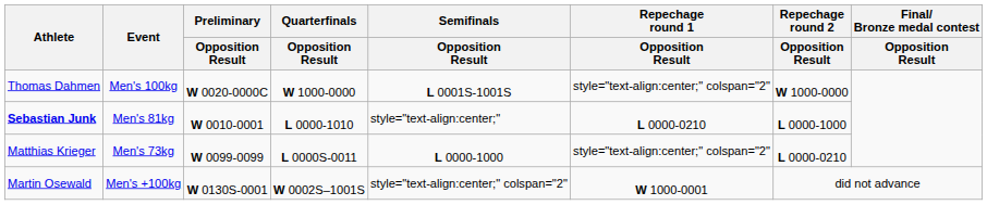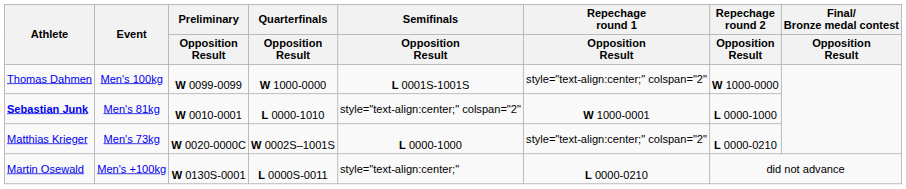 <table class=wikitable style="font-size:90%">
 <tr>
 <th rowspan="2">Athlete</th>
 <th rowspan="2">Event</th>
 <th>Preliminary</th>
 <th>Quarterfinals</th>
 <th>Semifinals</th>
 <th>Repechage <br>round 1</th>
 <th>Repechage <br>round 2</th>
 <th>Final/<br>Bronze medal contest</th>
 </tr>
 <tr>
 <th>Opposition<br>Result</th>
 <th>Opposition<br>Result</th>
 <th>Opposition<br>Result</th>
 <th>Opposition<br>Result</th>
 <th>Opposition<br>Result</th>
 <th>Opposition<br>Result</th>
 </tr>
 <tr>
 <td><a href='#'>Thomas Dahmen</a></td>
 <td style="text-align:center;"><a href='#'>Men's 100kg</a></td>
-<td style="text-align:center;"><br><strong>W</strong> 0020-0000C</td>
+<td style="text-align:center;"><br><strong>W</strong> 0099-0099</td>
 <td style="text-align:center;"><br><strong>W</strong> 1000-0000</td>
 <td style="text-align:center;"><br><strong>L</strong> 0001S-1001S</td>
 <td>style="text-align:center;" colspan="2" </td>
 <td style="text-align:center;"><br><strong>W</strong> 1000-0000 </td>
 </tr>
 <tr>
 <td><strong><a href='#'>Sebastian Junk</a></strong></td>
 <td style="text-align:center;"><a href='#'>Men's 81kg</a></td>
 <td style="text-align:center;"><br><strong>W</strong> 0010-0001</td>
 <td style="text-align:center;"><br><strong>L</strong> 0000-1010</td>
-<td>style="text-align:center;" </td>
-<td style="text-align:center;"><br><strong>L</strong> 0000-0210</td>
+<td>style="text-align:center;" colspan="2" </td>
+<td style="text-align:center;"><br><strong>W</strong> 1000-0001</td>
 <td style="text-align:center;"><br><strong>L</strong> 0000-1000</td>
 </tr>
 <tr>
 <td><a href='#'>Matthias Krieger</a></td>
 <td style="text-align:center;"><a href='#'>Men's 73kg</a></td>
-<td style="text-align:center;"><br><strong>W</strong> 0099-0099</td>
-<td style="text-align:center;"><br><strong>L</strong> 0000S-0011</td>
+<td style="text-align:center;"><br><strong>W</strong> 0020-0000C</td>
+<td style="text-align:center;"><br> <strong>W</strong> 0002S–1001S</td>
 <td style="text-align:center;"><br><strong>L</strong> 0000-1000</td>
 <td>style="text-align:center;" colspan="2" </td>
 <td style="text-align:center;"><br><strong>L</strong> 0000-0210</td>
 </tr>
 <tr>
 <td><a href='#'>Martin Osewald</a></td>
 <td style="text-align:center;"><a href='#'>Men's +100kg</a></td>
 <td style="text-align:center;"><br><strong>W</strong> 0130S-0001</td>
-<td style="text-align:center;"><br> <strong>W</strong> 0002S–1001S</td>
-<td>style="text-align:center;" colspan="2" </td>
-<td style="text-align:center;"><br><strong>W</strong> 1000-0001</td>
+<td style="text-align:center;"><br><strong>L</strong> 0000S-0011</td>
+<td>style="text-align:center;" </td>
+<td style="text-align:center;"><br><strong>L</strong> 0000-0210</td>
 <td style="text-align:center;" colspan="2">did not advance</td>
 </tr>
 </table>
